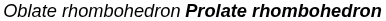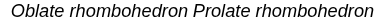 <table style="margin:0pt auto 0pt auto">
 <tr>
 <td></td>
 <td></td>
 </tr>
 <tr>
 <td align=center><em>Oblate rhombohedron</em></td>
-<td align=center><strong><em>Prolate rhombohedron</em></strong></td>
+<td align=center><em>Prolate rhombohedron</em></td>
 </tr>
 </table>
